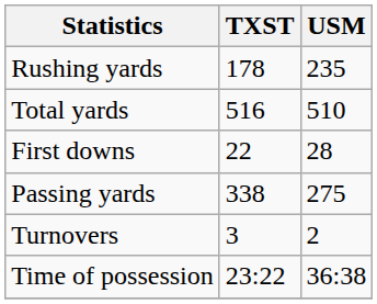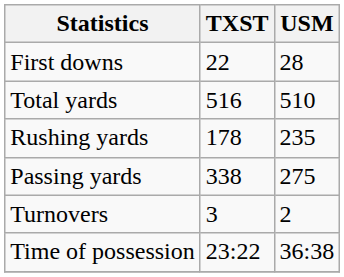 <table class="wikitable" style="float: left;">
 <tr>
 <th>Statistics</th>
 <th>TXST</th>
 <th>USM</th>
 </tr>
 <tr>
-<td>Rushing yards</td>
-<td>178</td>
-<td>235</td>
+<td>First downs</td>
+<td>22</td>
+<td>28</td>
 </tr>
 <tr>
 <td>Total yards</td>
 <td>516</td>
 <td>510</td>
 </tr>
 <tr>
-<td>First downs</td>
-<td>22</td>
-<td>28</td>
+<td>Rushing yards</td>
+<td>178</td>
+<td>235</td>
 </tr>
 <tr>
 <td>Passing yards</td>
 <td>338</td>
 <td>275</td>
 </tr>
 <tr>
 <td>Turnovers</td>
 <td>3</td>
 <td>2</td>
 </tr>
 <tr>
 <td>Time of possession</td>
 <td>23:22</td>
 <td>36:38</td>
 </tr>
 <tr>
 </tr>
 </table>
